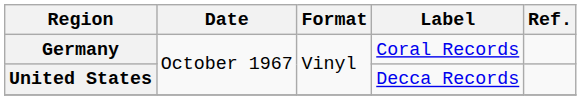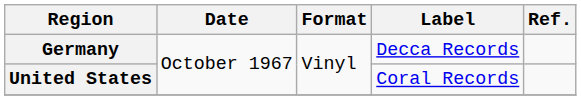 <table class="wikitable plainrowheaders">
 <tr>
 <th scope="col">Region</th>
 <th scope="col">Date</th>
 <th scope="col">Format</th>
 <th scope="col">Label</th>
 <th scope="col">Ref.</th>
 </tr>
 <tr>
 <th scope="row">Germany</th>
 <td rowspan="2">October 1967</td>
 <td rowspan="2">Vinyl</td>
-<td><a href='#'>Coral Records</a></td>
+<td><a href='#'>Decca Records</a></td>
 <td></td>
 </tr>
 <tr>
 <th scope="row">United States</th>
-<td><a href='#'>Decca Records</a></td>
+<td><a href='#'>Coral Records</a></td>
 <td></td>
 </tr>
 <tr>
 </tr>
 </table>
